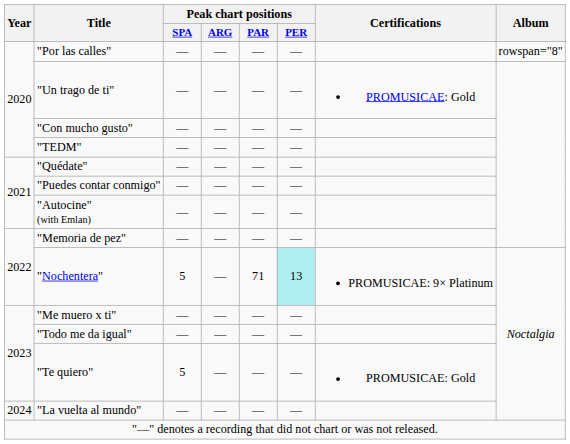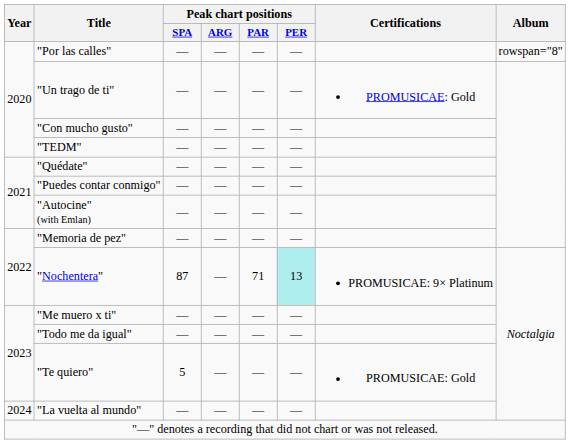 <table class="wikitable plainrowheaders" style="text-align:center;">
 <tr>
 <th scope="col" rowspan="2">Year</th>
 <th scope="col" rowspan="2">Title</th>
 <th scope="col" colspan="4">Peak chart positions</th>
 <th scope="col" rowspan="2">Certifications</th>
 <th scope="col" rowspan="2">Album</th>
 </tr>
 <tr>
 <th scope="col" style="width:3em;font-size:90%;"><a href='#'>SPA</a><br></th>
 <th scope="col" style="width:3em;font-size:90%;"><a href='#'>ARG</a><br></th>
 <th scope="col" style="width:3em;font-size:90%;"><a href='#'>PAR</a><br></th>
 <th scope="col" style="width:3em;font-size:90%;"><a href='#'>PER</a><br></th>
 </tr>
 <tr>
 <td rowspan="4">2020</td>
 <td align="left">"Por las calles"</td>
 <td>—</td>
 <td>—</td>
 <td>—</td>
 <td>—</td>
 <td></td>
 <td>rowspan="8" </td>
 </tr>
 <tr>
 <td align="left">"Un trago de ti"<br></td>
 <td>—</td>
 <td>—</td>
 <td>—</td>
 <td>—</td>
 <td><br><ul><li><a href='#'>PROMUSICAE</a>: Gold</li></ul></td>
 </tr>
 <tr>
 <td align="left">"Con mucho gusto"<br></td>
 <td>—</td>
 <td>—</td>
 <td>—</td>
 <td>—</td>
 <td></td>
 </tr>
 <tr>
 <td align="left">"TEDM"</td>
 <td>—</td>
 <td>—</td>
 <td>—</td>
 <td>—</td>
 <td></td>
 </tr>
 <tr>
 <td rowspan="3">2021</td>
 <td align="left">"Quédate"</td>
 <td>—</td>
 <td>—</td>
 <td>—</td>
 <td>—</td>
 <td></td>
 </tr>
 <tr>
 <td align="left">"Puedes contar conmigo"</td>
 <td>—</td>
 <td>—</td>
 <td>—</td>
 <td>—</td>
 <td></td>
 </tr>
 <tr>
 <td align="left">"Autocine"<br><small>(with Emlan)</small></td>
 <td>—</td>
 <td>—</td>
 <td>—</td>
 <td>—</td>
 <td></td>
 </tr>
 <tr>
 <td rowspan="2">2022</td>
 <td align="left">"Memoria de pez"</td>
 <td>—</td>
 <td>—</td>
 <td>—</td>
 <td>—</td>
 <td></td>
 </tr>
 <tr>
 <td align="left">"<a href='#'>Nochentera</a>"<br></td>
-<td>5</td>
+<td>87</td>
 <td>—</td>
 <td>71</td>
 <td style="background: paleturquoise;">13</td>
 <td><br><ul><li>PROMUSICAE: 9× Platinum</li></ul></td>
 <td rowspan=5><em>Noctalgia</em></td>
 </tr>
 <tr>
 <td rowspan="3">2023</td>
 <td align="left">"Me muero x ti"</td>
 <td>—</td>
 <td>—</td>
 <td>—</td>
 <td>—</td>
 <td></td>
 </tr>
 <tr>
 <td align="left">"Todo me da igual"</td>
 <td>—</td>
 <td>—</td>
 <td>—</td>
 <td>—</td>
 <td></td>
 </tr>
 <tr>
 <td align="left">"Te quiero"<br></td>
 <td>5</td>
 <td>—</td>
 <td>—</td>
 <td>—</td>
 <td><br><ul><li>PROMUSICAE: Gold</li></ul></td>
 </tr>
 <tr>
 <td>2024</td>
 <td align="left">"La vuelta al mundo"</td>
 <td>—</td>
 <td>—</td>
 <td>—</td>
 <td>—</td>
 <td></td>
 </tr>
 <tr>
 <td colspan="8">"—" denotes a recording that did not chart or was not released.</td>
 </tr>
 </table>
